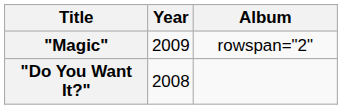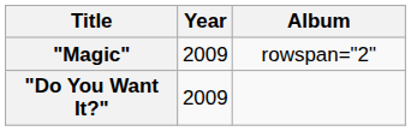 <table class="wikitable plainrowheaders" style="text-align:center;">
 <tr>
 <th scope="col" style="width:8em;">Title</th>
 <th scope="col" style="width:1em;">Year</th>
 <th scope="col" style="width:8em;">Album</th>
 </tr>
 <tr>
 <th scope="row">"Magic"</th>
 <td>2009</td>
 <td>rowspan="2" </td>
 </tr>
 <tr>
 <th scope="row">"Do You Want It?"</th>
-<td>2008</td>
+<td>2009</td>
 </tr>
 </table>
